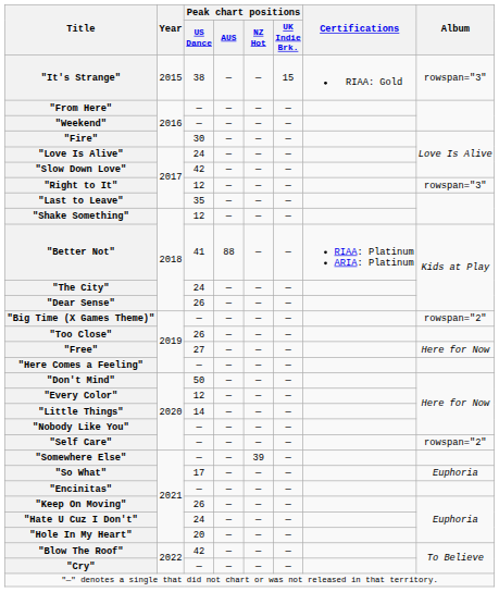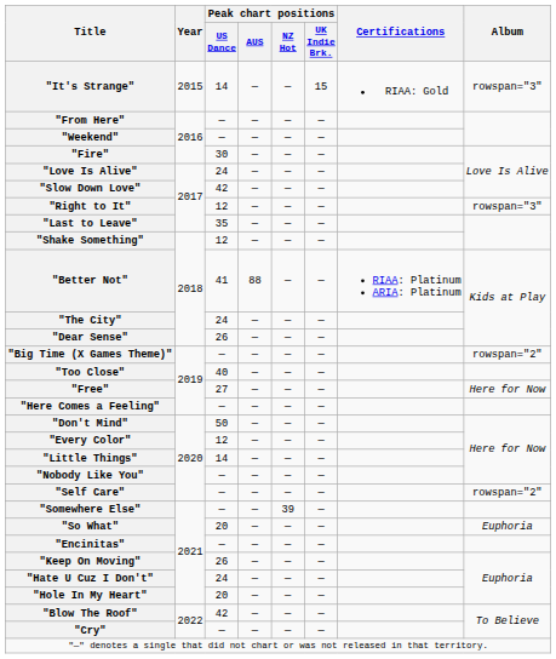 <table class="wikitable plainrowheaders" style="text-align:center;">
 <tr>
 <th scope="col" rowspan="2">Title</th>
 <th scope="col" rowspan="2">Year</th>
 <th scope="col" colspan="4">Peak chart positions</th>
 <th scope="col" rowspan="2"><a href='#'>Certifications</a></th>
 <th scope="col" rowspan="2">Album</th>
 </tr>
 <tr>
 <th scope="col" style="width:3em;font-size:90%;"><a href='#'>US Dance</a><br></th>
 <th scope="col" style="width:3em;font-size:90%;"><a href='#'>AUS</a><br></th>
 <th scope="col" style="width:3em;font-size:90%;"><a href='#'>NZ<br>Hot</a><br></th>
 <th scope="col" style="width:3em;font-size:90%;"><a href='#'>UK<br>Indie<br>Brk.</a><br></th>
 </tr>
 <tr>
 <th scope="row">"It's Strange"<br></th>
 <td>2015</td>
-<td>38</td>
+<td>14</td>
 <td>—</td>
 <td>—</td>
 <td>15</td>
 <td><br><ul><li>RIAA: Gold</li></ul></td>
 <td>rowspan="3" </td>
 </tr>
 <tr>
 <th scope="row">"From Here"</th>
 <td rowspan="3">2016</td>
 <td>—</td>
 <td>—</td>
 <td>—</td>
 <td>—</td>
 <td></td>
 </tr>
 <tr>
 <th scope="row">"Weekend"<br></th>
 <td>—</td>
 <td>—</td>
 <td>—</td>
 <td>—</td>
 <td></td>
 </tr>
 <tr>
 <th scope="row">"Fire"<br></th>
 <td>30</td>
 <td>—</td>
 <td>—</td>
 <td>—</td>
 <td></td>
 <td rowspan="3"><em>Love Is Alive</em></td>
 </tr>
 <tr>
 <th scope="row">"Love Is Alive"<br></th>
 <td rowspan="4">2017</td>
 <td>24</td>
 <td>—</td>
 <td>—</td>
 <td>—</td>
 <td></td>
 </tr>
 <tr>
 <th scope="row">"Slow Down Love"<br></th>
 <td>42</td>
 <td>—</td>
 <td>—</td>
 <td>—</td>
 <td></td>
 </tr>
 <tr>
 <th scope="row">"Right to It"<br></th>
 <td>12</td>
 <td>—</td>
 <td>—</td>
 <td>—</td>
 <td></td>
 <td>rowspan="3" </td>
 </tr>
 <tr>
 <th scope="row">"Last to Leave"<br></th>
 <td>35</td>
 <td>—</td>
 <td>—</td>
 <td>—</td>
 <td></td>
 </tr>
 <tr>
 <th scope="row">"Shake Something"<br></th>
 <td rowspan="4">2018</td>
 <td>12</td>
 <td>—</td>
 <td>—</td>
 <td>—</td>
 <td></td>
 </tr>
 <tr>
 <th scope="row">"Better Not"<br></th>
 <td>41</td>
 <td>88</td>
 <td>—</td>
 <td>—</td>
 <td><br><ul><li><a href='#'>RIAA</a>: Platinum</li><li><a href='#'>ARIA</a>: Platinum</li></ul></td>
 <td rowspan="3"><em>Kids at Play</em></td>
 </tr>
 <tr>
 <th scope="row">"The City"<br></th>
 <td>24</td>
 <td>—</td>
 <td>—</td>
 <td>—</td>
 <td></td>
 </tr>
 <tr>
 <th scope="row">"Dear Sense"<br></th>
 <td>26</td>
 <td>—</td>
 <td>—</td>
 <td>—</td>
 <td></td>
 </tr>
 <tr>
 <th scope="row">"Big Time (X Games Theme)"</th>
 <td rowspan="4">2019</td>
 <td>—</td>
 <td>—</td>
 <td>—</td>
 <td>—</td>
 <td></td>
 <td>rowspan="2" </td>
 </tr>
 <tr>
 <th scope="row">"Too Close"<br></th>
-<td>26</td>
+<td>40</td>
 <td>—</td>
 <td>—</td>
 <td>—</td>
 <td></td>
 </tr>
 <tr>
 <th scope="row">"Free"<br></th>
 <td>27</td>
 <td>—</td>
 <td>—</td>
 <td>—</td>
 <td></td>
 <td><em>Here for Now</em></td>
 </tr>
 <tr>
 <th scope="row">"Here Comes a Feeling"<br></th>
 <td>—</td>
 <td>—</td>
 <td>—</td>
 <td>—</td>
 <td></td>
 <td></td>
 </tr>
 <tr>
 <th scope="row">"Don't Mind"</th>
 <td rowspan="5">2020</td>
 <td>50</td>
 <td>—</td>
 <td>—</td>
 <td>—</td>
 <td></td>
 <td rowspan="4"><em>Here for Now</em></td>
 </tr>
 <tr>
 <th scope="row">"Every Color"<br></th>
 <td>12</td>
 <td>—</td>
 <td>—</td>
 <td>—</td>
 <td></td>
 </tr>
 <tr>
 <th scope="row">"Little Things"<br></th>
 <td>14</td>
 <td>—</td>
 <td>—</td>
 <td>—</td>
 <td></td>
 </tr>
 <tr>
 <th scope="row">"Nobody Like You"<br></th>
 <td>—</td>
 <td>—</td>
 <td>—</td>
 <td>—</td>
 <td></td>
 </tr>
 <tr>
 <th scope="row">"Self Care"<br></th>
 <td>—</td>
 <td>—</td>
 <td>—</td>
 <td>—</td>
 <td></td>
 <td>rowspan="2" </td>
 </tr>
 <tr>
 <th scope="row">"Somewhere Else"<br></th>
 <td rowspan="6">2021</td>
 <td>—</td>
 <td>—</td>
 <td>39</td>
 <td>—</td>
 <td></td>
 </tr>
 <tr>
 <th scope="row">"So What" <br></th>
-<td>17</td>
+<td>20</td>
 <td>—</td>
 <td>—</td>
 <td>—</td>
 <td></td>
 <td><em>Euphoria</em></td>
 </tr>
 <tr>
 <th scope="row">"Encinitas" <br></th>
 <td>—</td>
 <td>—</td>
 <td>—</td>
 <td>—</td>
 <td></td>
 <td></td>
 </tr>
 <tr>
 <th scope="row">"Keep On Moving" <br></th>
 <td>26</td>
 <td>—</td>
 <td>—</td>
 <td>—</td>
 <td></td>
 <td rowspan="3"><em>Euphoria</em></td>
 </tr>
 <tr>
 <th scope="row">"Hate U Cuz I Don't" <br></th>
 <td>24</td>
 <td>—</td>
 <td>—</td>
 <td>—</td>
 <td></td>
 </tr>
 <tr>
 <th scope="row">"Hole In My Heart" <br></th>
 <td>20</td>
 <td>—</td>
 <td>—</td>
 <td>—</td>
 <td></td>
 </tr>
 <tr>
 <th scope="row">"Blow The Roof" <br></th>
 <td rowspan="2">2022</td>
 <td>42</td>
 <td>—</td>
 <td>—</td>
 <td>—</td>
 <td></td>
 <td rowspan="2"><em>To Believe</em></td>
 </tr>
 <tr>
 <th scope="row">"Cry" <br></th>
 <td>—</td>
 <td>—</td>
 <td>—</td>
 <td>—</td>
 <td></td>
 </tr>
 <tr>
 <td colspan="8" style="font-size:85%">"—" denotes a single that did not chart or was not released in that territory.</td>
 </tr>
 </table>
